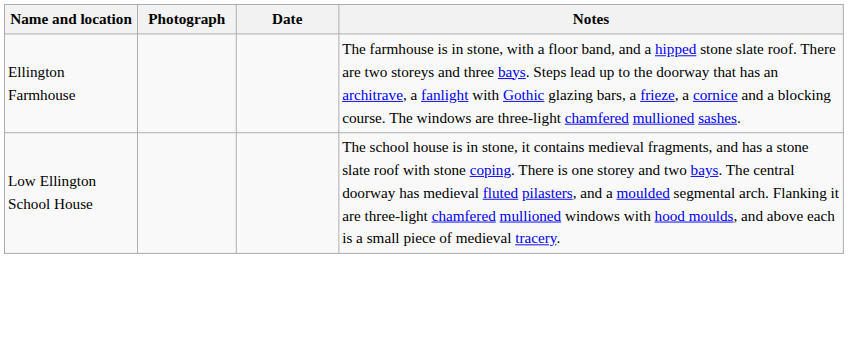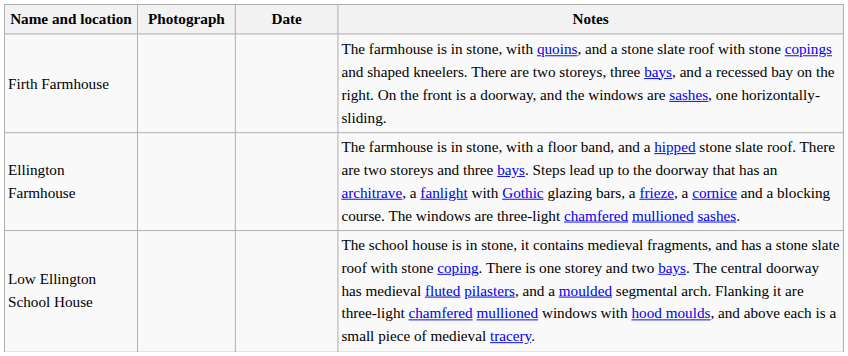 <table class="wikitable sortable plainrowheaders" style="width:100%;border:0px;text-align:left;line-height:150%;">
 <tr>
 <th scope="col"  style="width:150px">Name and location</th>
 <th scope="col"  style="width:100px" class="unsortable">Photograph</th>
 <th scope="col"  style="width:120px">Date</th>
 <th scope="col"  style="width:650px" class="unsortable">Notes</th>
+</tr>
+<tr>
+<td>Firth Farmhouse<br><small></small></td>
+<td></td>
+<td align="center"></td>
+<td>The farmhouse is in stone, with <a href='#'>quoins</a>, and a stone slate roof with stone <a href='#'>copings</a> and shaped kneelers.  There are two storeys, three <a href='#'>bays</a>, and a recessed bay on the right.  On the front is a doorway, and the windows are <a href='#'>sashes</a>, one horizontally-sliding.</td>
 </tr>
 <tr>
 <td>Ellington Farmhouse<br><small></small></td>
 <td></td>
 <td align="center"></td>
 <td>The farmhouse is in stone, with a floor band, and a <a href='#'>hipped</a> stone slate roof.  There are two storeys and three <a href='#'>bays</a>.  Steps lead up to the doorway that has an <a href='#'>architrave</a>, a <a href='#'>fanlight</a> with <a href='#'>Gothic</a> glazing bars, a <a href='#'>frieze</a>, a <a href='#'>cornice</a> and a blocking course.  The windows are three-light <a href='#'>chamfered</a> <a href='#'>mullioned</a> <a href='#'>sashes</a>.</td>
 </tr>
 <tr>
 <td>Low Ellington School House<br><small></small></td>
 <td></td>
 <td align="center"></td>
 <td>The school house is in stone, it contains medieval fragments, and has a stone slate roof with stone <a href='#'>coping</a>.  There is one storey and two <a href='#'>bays</a>.  The central doorway has medieval <a href='#'>fluted</a> <a href='#'>pilasters</a>, and a <a href='#'>moulded</a> segmental arch.  Flanking it are three-light <a href='#'>chamfered</a> <a href='#'>mullioned</a> windows with <a href='#'>hood moulds</a>, and above each is a small piece of medieval <a href='#'>tracery</a>.</td>
 </tr>
 <tr>
 </tr>
 </table>
